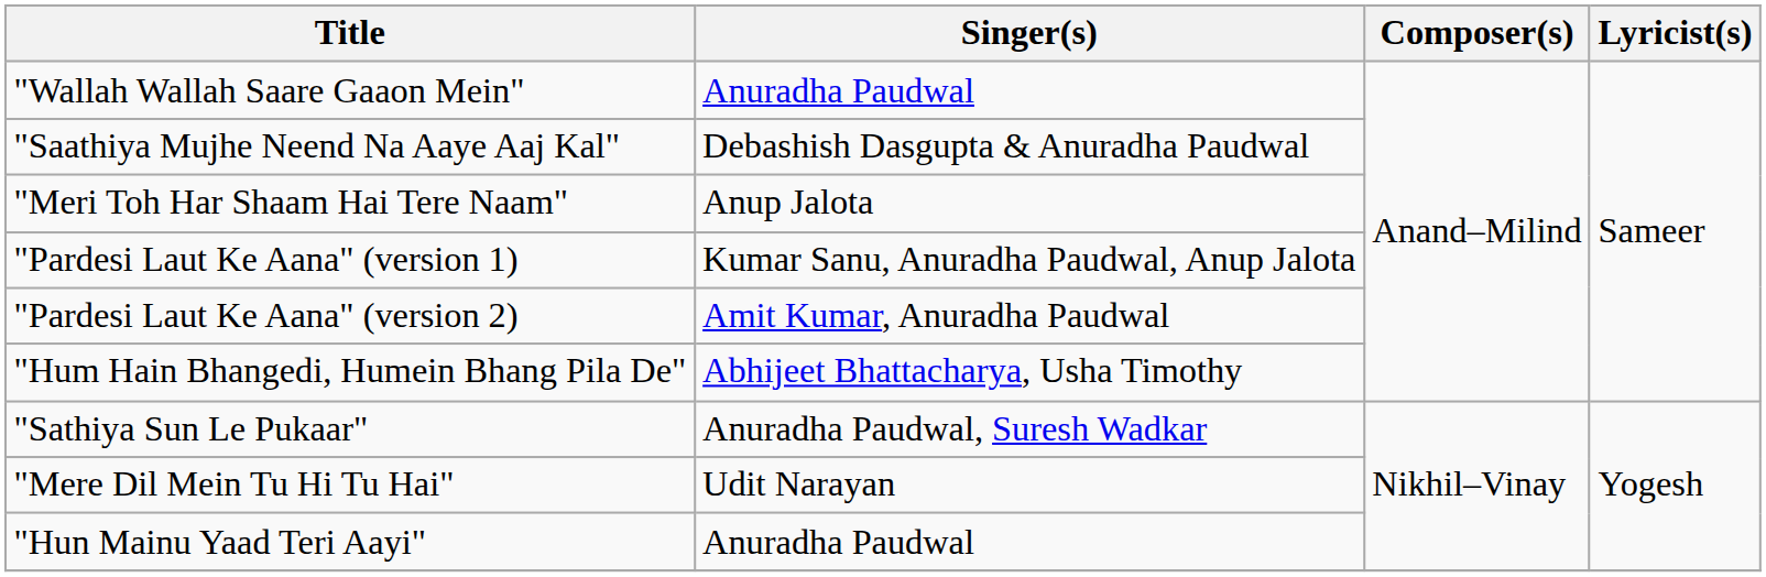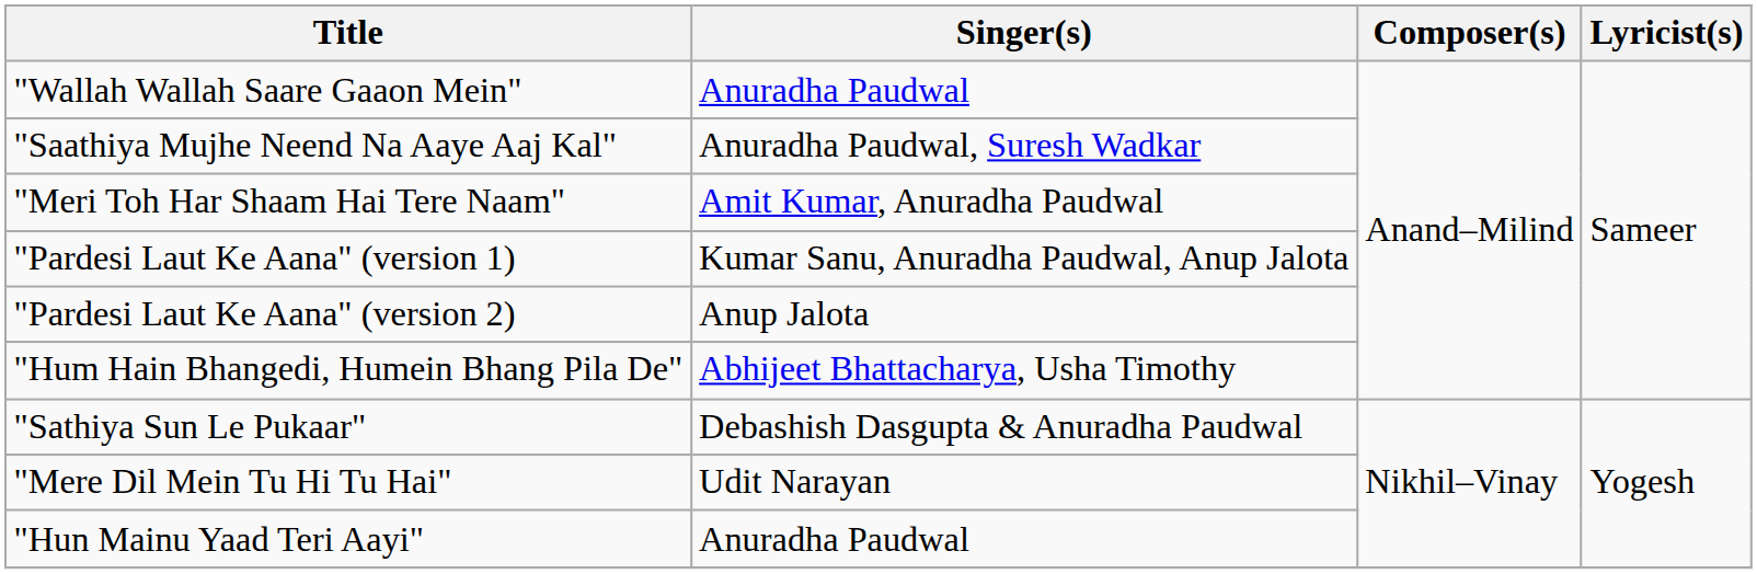 <table class="wikitable sortable">
 <tr>
 <th>Title</th>
 <th>Singer(s)</th>
 <th>Composer(s)</th>
 <th>Lyricist(s)</th>
 </tr>
 <tr>
 <td>"Wallah Wallah Saare Gaaon Mein"</td>
 <td><a href='#'>Anuradha Paudwal</a></td>
 <td rowspan=6>Anand–Milind</td>
 <td rowspan=6>Sameer</td>
 </tr>
 <tr>
 <td>"Saathiya Mujhe Neend Na Aaye Aaj Kal"</td>
-<td>Debashish Dasgupta & Anuradha Paudwal</td>
+<td>Anuradha Paudwal, <a href='#'>Suresh Wadkar</a></td>
 </tr>
 <tr>
 <td>"Meri Toh Har Shaam Hai Tere Naam"</td>
-<td>Anup Jalota</td>
+<td><a href='#'>Amit Kumar</a>, Anuradha Paudwal</td>
 </tr>
 <tr>
 <td>"Pardesi Laut Ke Aana" (version 1)</td>
 <td>Kumar Sanu, Anuradha Paudwal, Anup Jalota</td>
 </tr>
 <tr>
 <td>"Pardesi Laut Ke Aana" (version 2)</td>
-<td><a href='#'>Amit Kumar</a>, Anuradha Paudwal</td>
+<td>Anup Jalota</td>
 </tr>
 <tr>
 <td>"Hum Hain Bhangedi, Humein Bhang Pila De"</td>
 <td><a href='#'>Abhijeet Bhattacharya</a>, Usha Timothy</td>
 </tr>
 <tr>
 <td>"Sathiya Sun Le Pukaar"</td>
-<td>Anuradha Paudwal, <a href='#'>Suresh Wadkar</a></td>
+<td>Debashish Dasgupta & Anuradha Paudwal</td>
 <td rowspan=3>Nikhil–Vinay</td>
 <td rowspan=3>Yogesh</td>
 </tr>
 <tr>
 <td>"Mere Dil Mein Tu Hi Tu Hai"</td>
 <td>Udit Narayan</td>
 </tr>
 <tr>
 <td>"Hun Mainu Yaad Teri Aayi"</td>
 <td>Anuradha Paudwal</td>
 </tr>
 <tr>
 </tr>
 </table>
